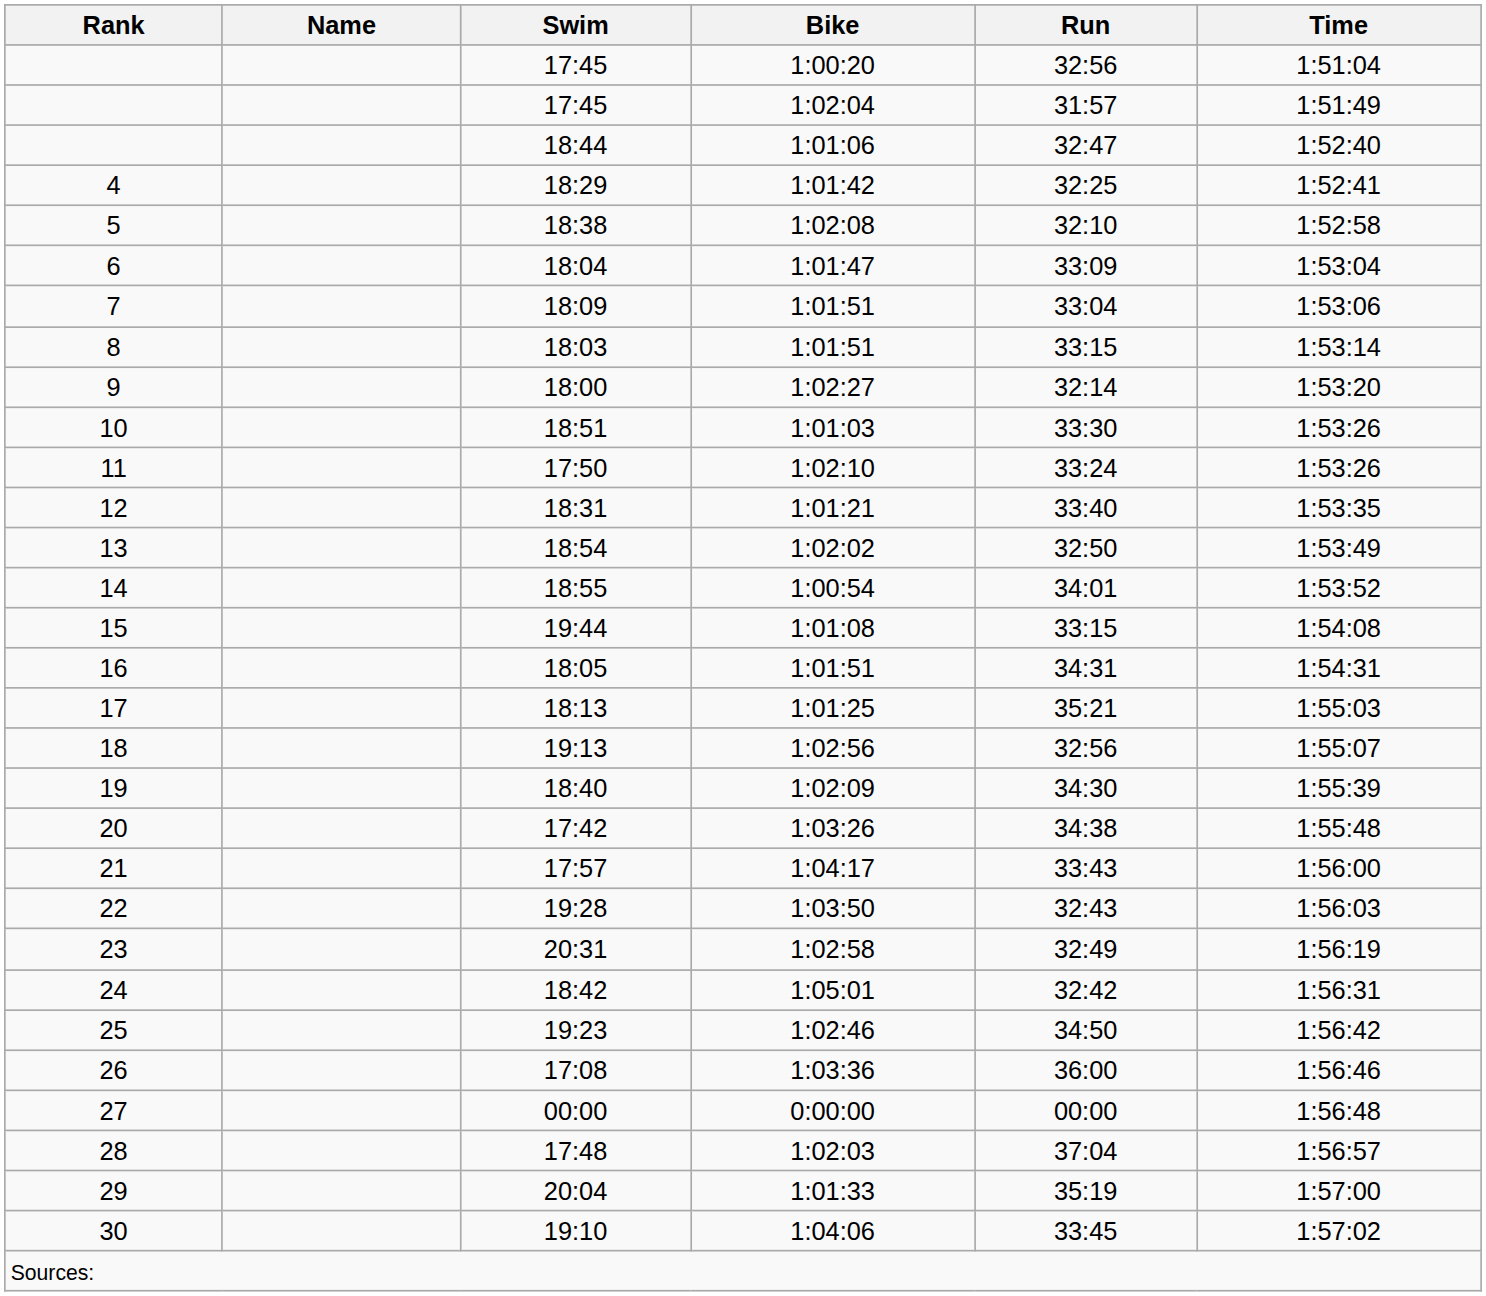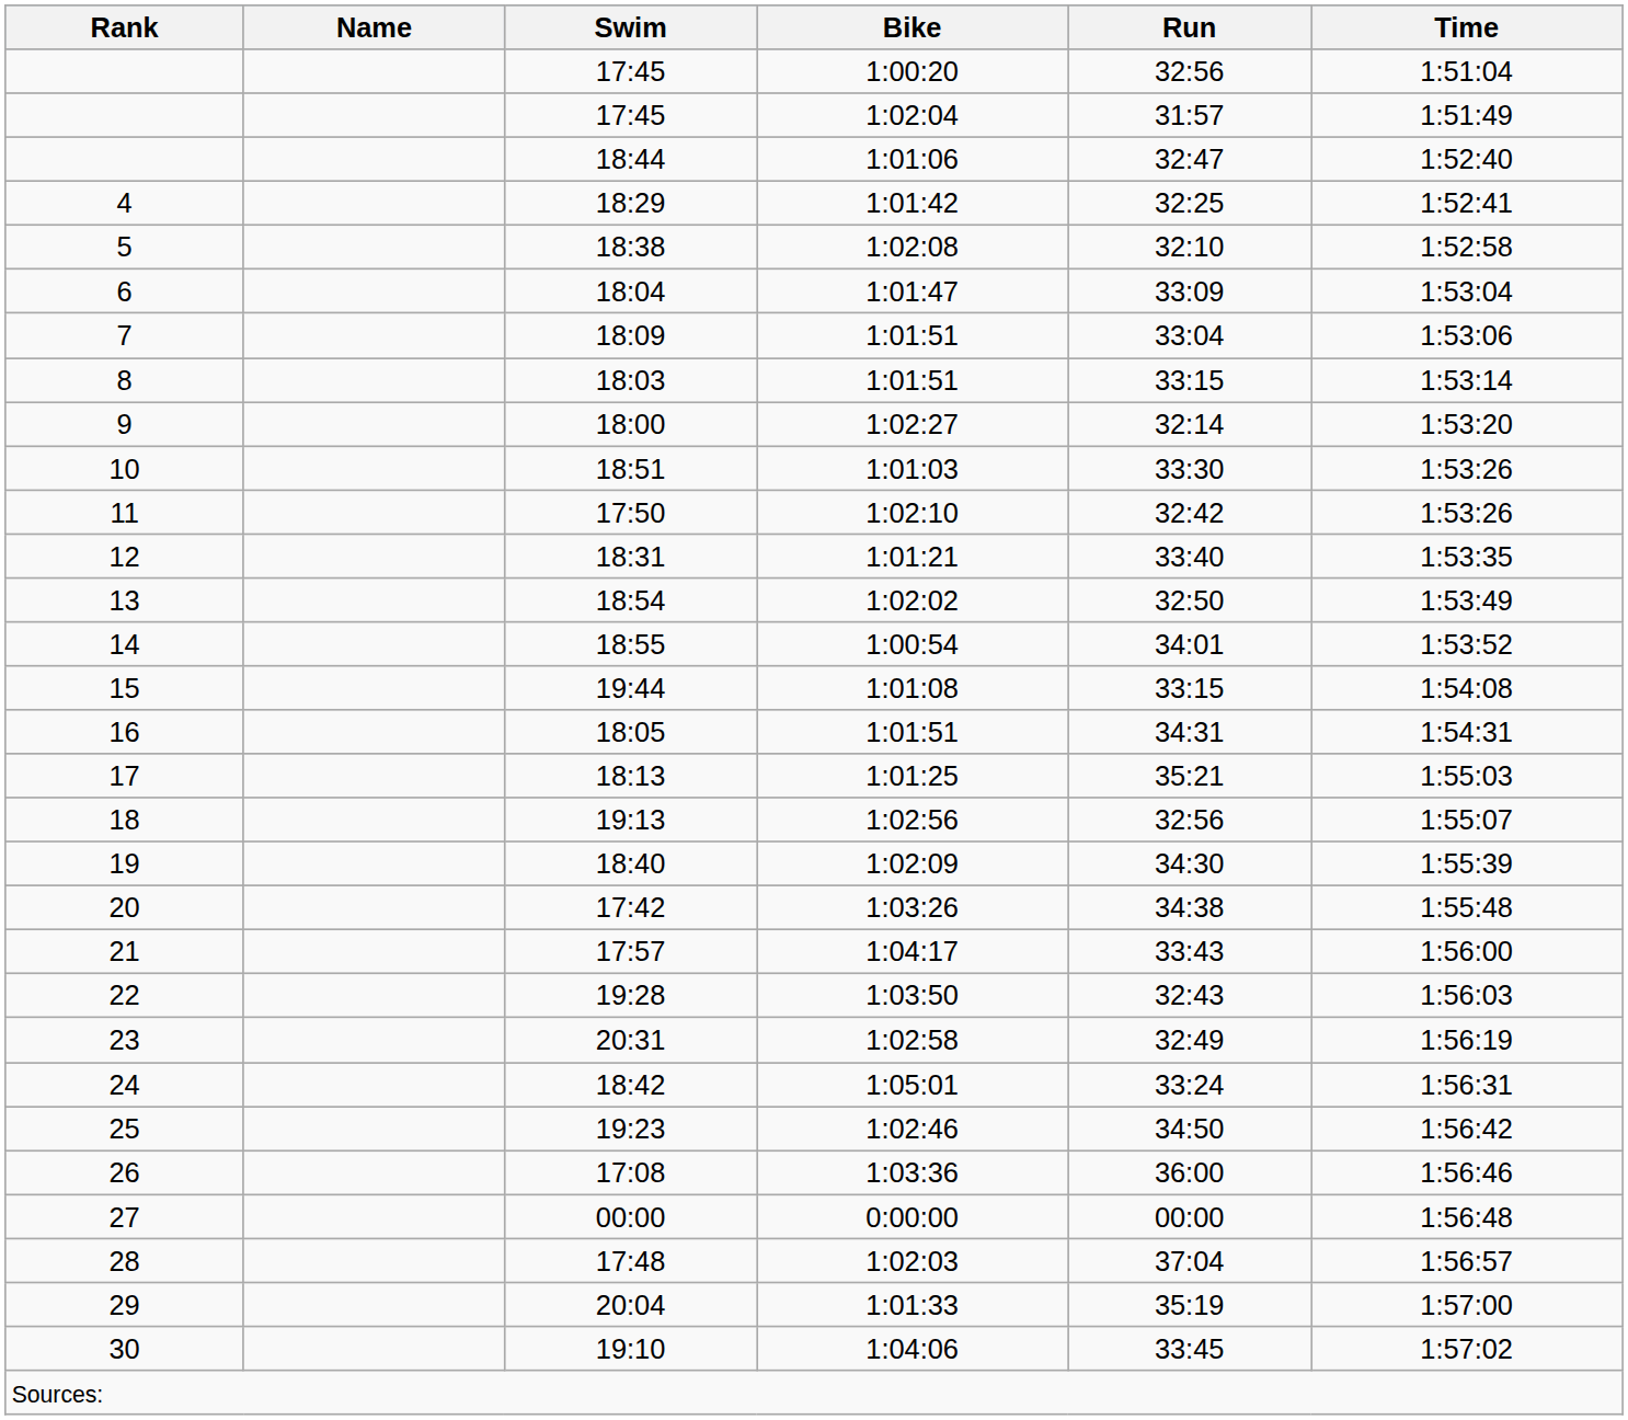 <table class="wikitable sortable" style="font-size:95%" width="70%">
 <tr bgcolor="lightsteelblue">
 <th>Rank</th>
 <th>Name</th>
 <th>Swim</th>
 <th>Bike</th>
 <th>Run</th>
 <th>Time</th>
 </tr>
 <tr align="center">
 <td></td>
 <td align="left"><strong></strong></td>
 <td>17:45</td>
 <td>1:00:20</td>
 <td>32:56</td>
 <td>1:51:04</td>
 </tr>
 <tr align="center">
 <td></td>
 <td align="left"></td>
 <td>17:45</td>
 <td>1:02:04</td>
 <td>31:57</td>
 <td>1:51:49</td>
 </tr>
 <tr align="center">
 <td></td>
 <td align="left"></td>
 <td>18:44</td>
 <td>1:01:06</td>
 <td>32:47</td>
 <td>1:52:40</td>
 </tr>
 <tr align="center">
 <td>4</td>
 <td align="left"></td>
 <td>18:29</td>
 <td>1:01:42</td>
 <td>32:25</td>
 <td>1:52:41</td>
 </tr>
 <tr align="center">
 <td>5</td>
 <td align="left"></td>
 <td>18:38</td>
 <td>1:02:08</td>
 <td>32:10</td>
 <td>1:52:58</td>
 </tr>
 <tr align="center">
 <td>6</td>
 <td align="left"></td>
 <td>18:04</td>
 <td>1:01:47</td>
 <td>33:09</td>
 <td>1:53:04</td>
 </tr>
 <tr align="center">
 <td>7</td>
 <td align="left"></td>
 <td>18:09</td>
 <td>1:01:51</td>
 <td>33:04</td>
 <td>1:53:06</td>
 </tr>
 <tr align="center">
 <td>8</td>
 <td align="left"></td>
 <td>18:03</td>
 <td>1:01:51</td>
 <td>33:15</td>
 <td>1:53:14</td>
 </tr>
 <tr align="center">
 <td>9</td>
 <td align="left"></td>
 <td>18:00</td>
 <td>1:02:27</td>
 <td>32:14</td>
 <td>1:53:20</td>
 </tr>
 <tr align="center">
 <td>10</td>
 <td align="left"></td>
 <td>18:51</td>
 <td>1:01:03</td>
 <td>33:30</td>
 <td>1:53:26</td>
 </tr>
 <tr align="center">
 <td>11</td>
 <td align="left"></td>
 <td>17:50</td>
 <td>1:02:10</td>
-<td>33:24</td>
+<td>32:42</td>
 <td>1:53:26</td>
 </tr>
 <tr align="center">
 <td>12</td>
 <td align="left"></td>
 <td>18:31</td>
 <td>1:01:21</td>
 <td>33:40</td>
 <td>1:53:35</td>
 </tr>
 <tr align="center">
 <td>13</td>
 <td align="left"></td>
 <td>18:54</td>
 <td>1:02:02</td>
 <td>32:50</td>
 <td>1:53:49</td>
 </tr>
 <tr align="center">
 <td>14</td>
 <td align="left"></td>
 <td>18:55</td>
 <td>1:00:54</td>
 <td>34:01</td>
 <td>1:53:52</td>
 </tr>
 <tr align="center">
 <td>15</td>
 <td align="left"></td>
 <td>19:44</td>
 <td>1:01:08</td>
 <td>33:15</td>
 <td>1:54:08</td>
 </tr>
 <tr align="center">
 <td>16</td>
 <td align="left"></td>
 <td>18:05</td>
 <td>1:01:51</td>
 <td>34:31</td>
 <td>1:54:31</td>
 </tr>
 <tr align="center">
 <td>17</td>
 <td align="left"></td>
 <td>18:13</td>
 <td>1:01:25</td>
 <td>35:21</td>
 <td>1:55:03</td>
 </tr>
 <tr align="center">
 <td>18</td>
 <td align="left"></td>
 <td>19:13</td>
 <td>1:02:56</td>
 <td>32:56</td>
 <td>1:55:07</td>
 </tr>
 <tr align="center">
 <td>19</td>
 <td align="left"></td>
 <td>18:40</td>
 <td>1:02:09</td>
 <td>34:30</td>
 <td>1:55:39</td>
 </tr>
 <tr align="center">
 <td>20</td>
 <td align="left"></td>
 <td>17:42</td>
 <td>1:03:26</td>
 <td>34:38</td>
 <td>1:55:48</td>
 </tr>
 <tr align="center">
 <td>21</td>
 <td align="left"></td>
 <td>17:57</td>
 <td>1:04:17</td>
 <td>33:43</td>
 <td>1:56:00</td>
 </tr>
 <tr align="center">
 <td>22</td>
 <td align="left"></td>
 <td>19:28</td>
 <td>1:03:50</td>
 <td>32:43</td>
 <td>1:56:03</td>
 </tr>
 <tr align="center">
 <td>23</td>
 <td align="left"></td>
 <td>20:31</td>
 <td>1:02:58</td>
 <td>32:49</td>
 <td>1:56:19</td>
 </tr>
 <tr align="center">
 <td>24</td>
 <td align="left"></td>
 <td>18:42</td>
 <td>1:05:01</td>
-<td>32:42</td>
+<td>33:24</td>
 <td>1:56:31</td>
 </tr>
 <tr align="center">
 <td>25</td>
 <td align="left"></td>
 <td>19:23</td>
 <td>1:02:46</td>
 <td>34:50</td>
 <td>1:56:42</td>
 </tr>
 <tr align="center">
 <td>26</td>
 <td align="left"></td>
 <td>17:08</td>
 <td>1:03:36</td>
 <td>36:00</td>
 <td>1:56:46</td>
 </tr>
 <tr align="center">
 <td>27</td>
 <td align="left"></td>
 <td>00:00</td>
 <td>0:00:00</td>
 <td>00:00</td>
 <td>1:56:48</td>
 </tr>
 <tr align="center">
 <td>28</td>
 <td align="left"></td>
 <td>17:48</td>
 <td>1:02:03</td>
 <td>37:04</td>
 <td>1:56:57</td>
 </tr>
 <tr align="center">
 <td>29</td>
 <td align="left"></td>
 <td>20:04</td>
 <td>1:01:33</td>
 <td>35:19</td>
 <td>1:57:00</td>
 </tr>
 <tr align="center">
 <td>30</td>
 <td align="left"></td>
 <td>19:10</td>
 <td>1:04:06</td>
 <td>33:45</td>
 <td>1:57:02</td>
 </tr>
 <tr class="sortbottom">
 <td colspan="6"><small>Sources:</small></td>
 </tr>
 </table>
